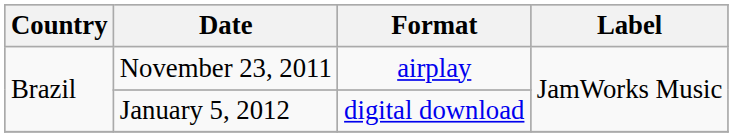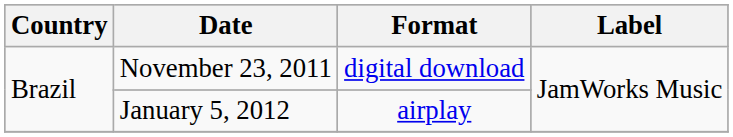 <table class="wikitable">
 <tr>
 <th>Country</th>
 <th>Date</th>
 <th>Format</th>
 <th>Label</th>
 </tr>
 <tr>
 <td rowspan="2">Brazil</td>
 <td rowspan="1">November 23, 2011</td>
-<td align="center"><a href='#'>airplay</a></td>
+<td align="center"><a href='#'>digital download</a></td>
 <td align="center" rowspan="2">JamWorks Music</td>
 </tr>
 <tr>
 <td rowspan="1">January 5, 2012</td>
-<td align="center"><a href='#'>digital download</a></td>
+<td align="center"><a href='#'>airplay</a></td>
 </tr>
 <tr>
 </tr>
 </table>
